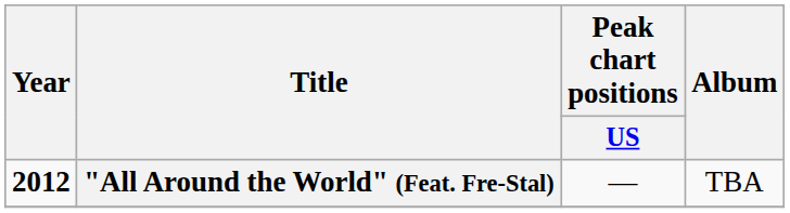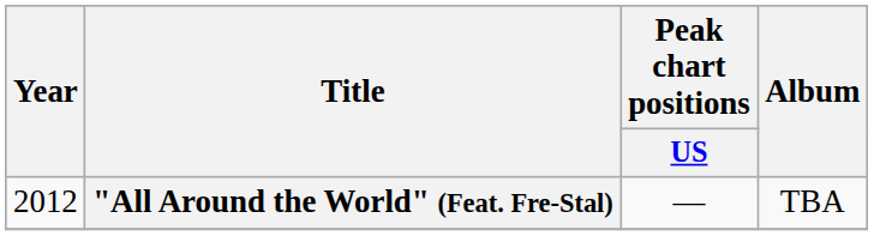 <table class="wikitable plainrowheaders" style="text-align:center;">
 <tr>
 <th scope="col" rowspan="2">Year</th>
 <th scope="col" rowspan="2">Title</th>
 <th scope="col" colspan="1">Peak chart positions</th>
 <th scope="col" rowspan="2">Album</th>
 </tr>
 <tr>
 <th scope="col" style="width:3em;font-size:90%;"><a href='#'>US</a></th>
 </tr>
 <tr>
-<td><strong>2012</strong></td>
+<td>2012</td>
 <th scope="row">"All Around the World" <small>(Feat. Fre-Stal)</small></th>
 <td>—</td>
 <td>TBA</td>
 </tr>
 <tr>
 </tr>
 </table>
